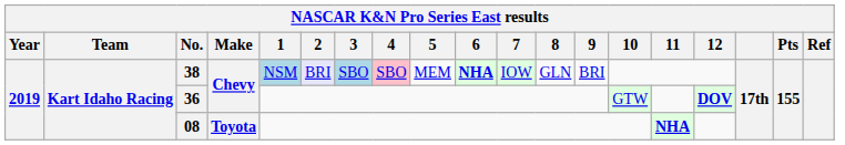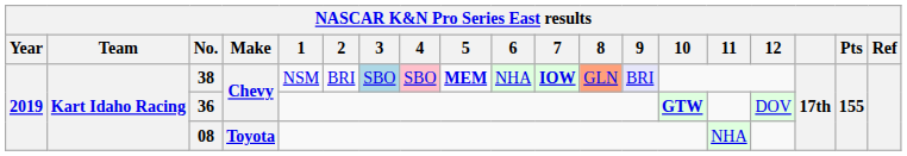 <table class="wikitable" style="text-align:center; font-size:75%">
 <tr>
 <th colspan=21><a href='#'>NASCAR K&N Pro Series East</a> results</th>
 </tr>
 <tr>
 <th>Year</th>
 <th>Team</th>
 <th>No.</th>
 <th>Make</th>
 <th>1</th>
 <th>2</th>
 <th>3</th>
 <th>4</th>
 <th>5</th>
 <th>6</th>
 <th>7</th>
 <th>8</th>
 <th>9</th>
 <th>10</th>
 <th>11</th>
 <th>12</th>
 <th></th>
 <th>Pts</th>
 <th>Ref</th>
 </tr>
 <tr>
 <th rowspan=3><a href='#'>2019</a></th>
 <th rowspan=3><a href='#'>Kart Idaho Racing</a></th>
 <th>38</th>
 <th rowspan=2><a href='#'>Chevy</a></th>
-<td style="background: lightblue;"><a href='#'>NSM</a></td>
-<td style="background: lavender;"><a href='#'>BRI</a></td>
+<td><a href='#'>NSM</a></td>
+<td><a href='#'>BRI</a></td>
 <td style="background: lightblue;"><a href='#'>SBO</a></td>
 <td style="background: pink;"><a href='#'>SBO</a></td>
-<td><a href='#'>MEM</a></td>
-<td style="background:#DFFFDF;"><strong><a href='#'>NHA</a><br></strong></td>
-<td style="background:#DFFFDF;"><a href='#'>IOW</a><br></td>
-<td><a href='#'>GLN</a></td>
-<td><a href='#'>BRI</a></td>
+<td><strong><a href='#'>MEM</a></strong></td>
+<td style="background:#DFFFDF;"><a href='#'>NHA</a><br></td>
+<td style="background:#DFFFDF;"><strong><a href='#'>IOW</a><br></strong></td>
+<td style="background: lightsalmon;"><a href='#'>GLN</a></td>
+<td style="background: lavender;"><a href='#'>BRI</a></td>
 <td colspan=3></td>
 <th rowspan=3>17th</th>
 <th rowspan=3>155</th>
 <th rowspan=3></th>
 </tr>
 <tr>
 <th>36</th>
 <td colspan=9></td>
-<td style="background:#DFFFDF;"><a href='#'>GTW</a><br></td>
+<td style="background:#DFFFDF;"><strong><a href='#'>GTW</a><br></strong></td>
 <td></td>
-<td style="background:#DFFFDF;"><strong><a href='#'>DOV</a><br></strong></td>
+<td style="background:#DFFFDF;"><a href='#'>DOV</a><br></td>
 </tr>
 <tr>
 <th>08</th>
 <th><a href='#'>Toyota</a></th>
 <td colspan=10></td>
-<td style="background:#DFFFDF;"><strong><a href='#'>NHA</a><br></strong></td>
+<td style="background:#DFFFDF;"><a href='#'>NHA</a><br></td>
 <td></td>
 </tr>
 </table>
